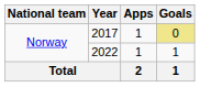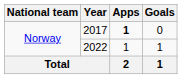 <table class="wikitable" style="text-align:center">
 <tr>
 <th>National team</th>
 <th>Year</th>
 <th>Apps</th>
 <th>Goals</th>
 </tr>
 <tr>
 <td rowspan="2"><a href='#'>Norway</a></td>
 <td>2017</td>
-<td>1</td>
-<td style="background: khaki;">0</td>
+<td><strong>1</strong></td>
+<td>0</td>
 </tr>
 <tr>
 <td>2022</td>
 <td>1</td>
 <td>1</td>
 </tr>
 <tr>
 <th colspan="2">Total</th>
 <th>2</th>
 <th>1</th>
 </tr>
 </table>
